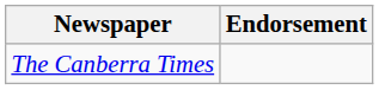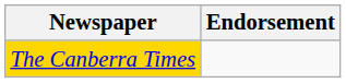 <table class="wikitable">
 <tr>
 <th>Newspaper</th>
 <th colspan="2">Endorsement</th>
 </tr>
 <tr>
-<td><em><a href='#'>The Canberra Times</a></em></td>
+<td style="background: gold;"><em><a href='#'>The Canberra Times</a></em></td>
 <td></td>
 </tr>
 </table>
